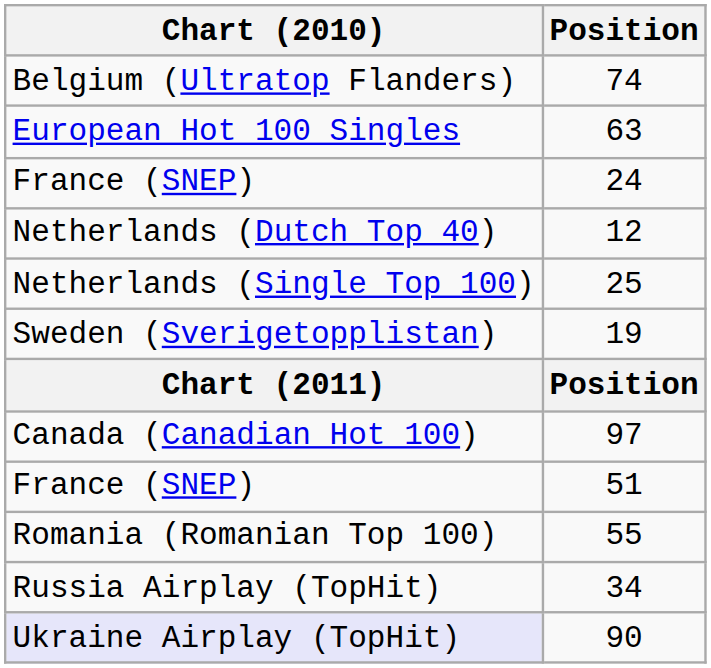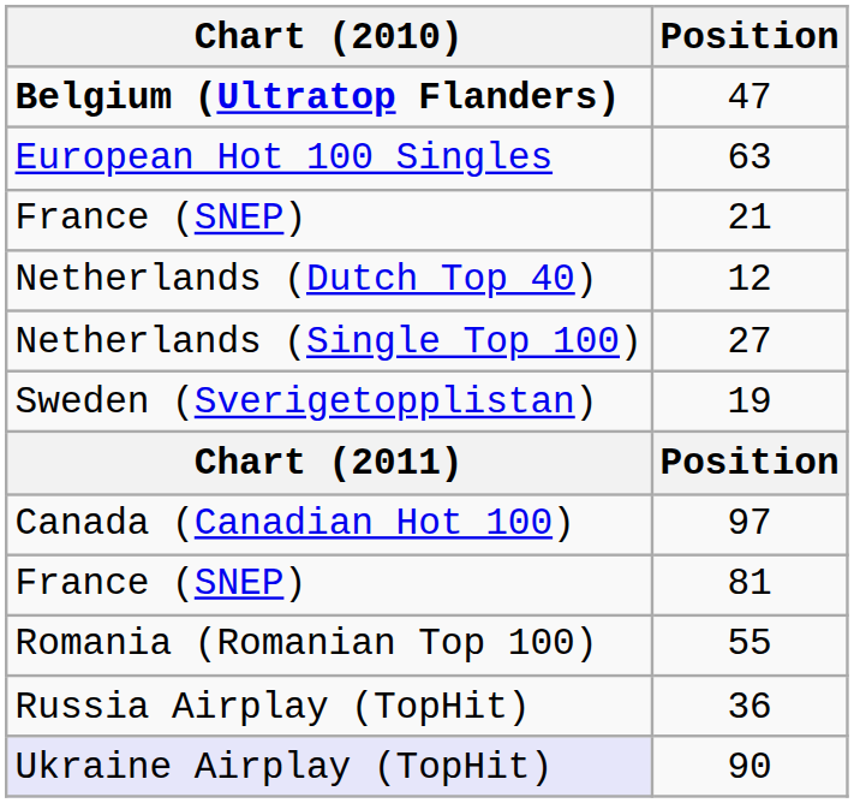 <table class="wikitable">
 <tr>
 <th>Chart (2010)</th>
 <th>Position</th>
 </tr>
 <tr>
-<td>Belgium (<a href='#'>Ultratop</a> Flanders)</td>
-<td style="text-align:center;">74</td>
+<td><strong>Belgium (<a href='#'>Ultratop</a> Flanders)</strong></td>
+<td style="text-align:center;">47</td>
 </tr>
 <tr>
 <td><a href='#'>European Hot 100 Singles</a></td>
 <td style="text-align:center;">63</td>
 </tr>
 <tr>
 <td>France (<a href='#'>SNEP</a>)</td>
-<td style="text-align:center;">24</td>
+<td style="text-align:center;">21</td>
 </tr>
 <tr>
 <td>Netherlands (<a href='#'>Dutch Top 40</a>)</td>
 <td style="text-align:center;">12</td>
 </tr>
 <tr>
 <td>Netherlands (<a href='#'>Single Top 100</a>)</td>
-<td style="text-align:center;">25</td>
+<td style="text-align:center;">27</td>
 </tr>
 <tr>
 <td>Sweden (<a href='#'>Sverigetopplistan</a>)</td>
 <td style="text-align:center;">19</td>
 </tr>
 <tr>
 <th scope="col">Chart (2011)</th>
 <th scope="col">Position</th>
 </tr>
 <tr>
 <td>Canada (<a href='#'>Canadian Hot 100</a>)</td>
 <td align="center">97</td>
 </tr>
 <tr>
 <td>France (<a href='#'>SNEP</a>)</td>
-<td style="text-align:center;">51</td>
+<td style="text-align:center;">81</td>
 </tr>
 <tr>
 <td>Romania (Romanian Top 100)</td>
 <td align="center">55</td>
 </tr>
 <tr>
 <td>Russia Airplay (TopHit)</td>
-<td style="text-align:center;">34</td>
+<td style="text-align:center;">36</td>
 </tr>
 <tr>
 <td style="background: lavender;">Ukraine Airplay (TopHit)</td>
 <td style="text-align:center;">90</td>
 </tr>
 </table>
